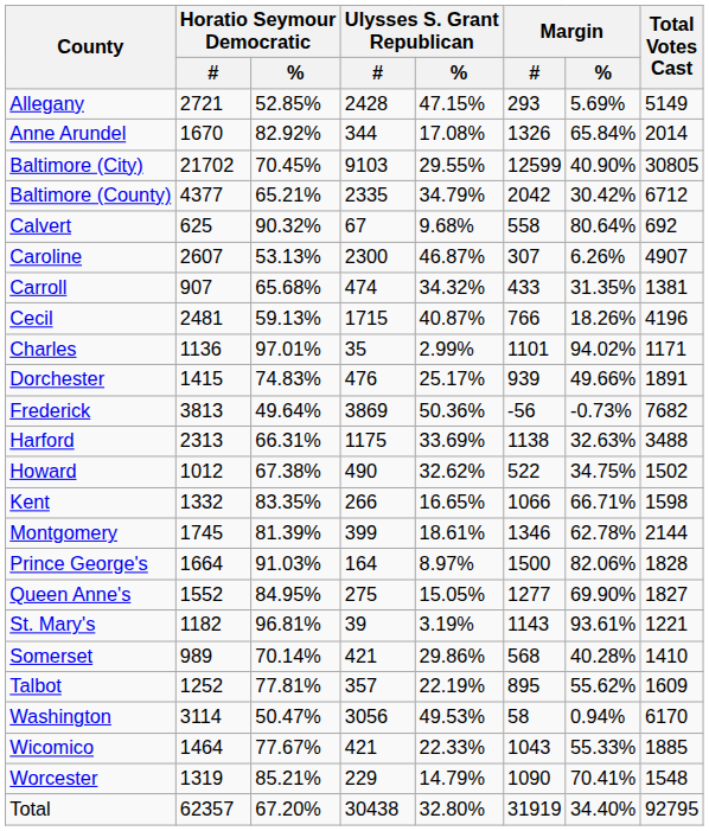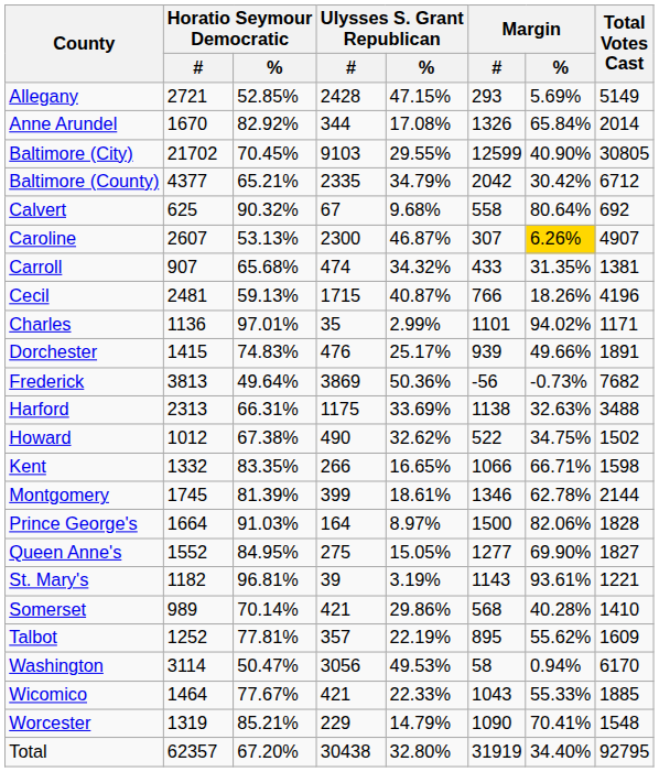 <table class="wikitable sortable">
 <tr>
 <th rowspan="2">County</th>
 <th colspan="2" >Horatio Seymour<br>Democratic</th>
 <th colspan="2" >Ulysses S. Grant<br>Republican</th>
 <th colspan="2">Margin</th>
 <th rowspan="2">Total<br>Votes<br>Cast </th>
 </tr>
 <tr>
 <th>#</th>
 <th>%</th>
 <th>#</th>
 <th>%</th>
 <th>#</th>
 <th>%</th>
 </tr>
 <tr>
 <td><a href='#'>Allegany</a></td>
 <td>2721</td>
 <td>52.85%</td>
 <td>2428</td>
 <td>47.15%</td>
 <td>293</td>
 <td>5.69%</td>
 <td>5149</td>
 </tr>
 <tr>
 <td><a href='#'>Anne Arundel</a></td>
 <td>1670</td>
 <td>82.92%</td>
 <td>344</td>
 <td>17.08%</td>
 <td>1326</td>
 <td>65.84%</td>
 <td>2014</td>
 </tr>
 <tr>
 <td><a href='#'>Baltimore (City)</a></td>
 <td>21702</td>
 <td>70.45%</td>
 <td>9103</td>
 <td>29.55%</td>
 <td>12599</td>
 <td>40.90%</td>
 <td>30805</td>
 </tr>
 <tr>
 <td><a href='#'>Baltimore (County)</a></td>
 <td>4377</td>
 <td>65.21%</td>
 <td>2335</td>
 <td>34.79%</td>
 <td>2042</td>
 <td>30.42%</td>
 <td>6712</td>
 </tr>
 <tr>
 <td><a href='#'>Calvert</a></td>
 <td>625</td>
 <td>90.32%</td>
 <td>67</td>
 <td>9.68%</td>
 <td>558</td>
 <td>80.64%</td>
 <td>692</td>
 </tr>
 <tr>
 <td><a href='#'>Caroline</a></td>
 <td>2607</td>
 <td>53.13%</td>
 <td>2300</td>
 <td>46.87%</td>
 <td>307</td>
-<td>6.26%</td>
+<td style="background: gold;">6.26%</td>
 <td>4907</td>
 </tr>
 <tr>
 <td><a href='#'>Carroll</a></td>
 <td>907</td>
 <td>65.68%</td>
 <td>474</td>
 <td>34.32%</td>
 <td>433</td>
 <td>31.35%</td>
 <td>1381</td>
 </tr>
 <tr>
 <td><a href='#'>Cecil</a></td>
 <td>2481</td>
 <td>59.13%</td>
 <td>1715</td>
 <td>40.87%</td>
 <td>766</td>
 <td>18.26%</td>
 <td>4196</td>
 </tr>
 <tr>
 <td><a href='#'>Charles</a></td>
 <td>1136</td>
 <td>97.01%</td>
 <td>35</td>
 <td>2.99%</td>
 <td>1101</td>
 <td>94.02%</td>
 <td>1171</td>
 </tr>
 <tr>
 <td><a href='#'>Dorchester</a></td>
 <td>1415</td>
 <td>74.83%</td>
 <td>476</td>
 <td>25.17%</td>
 <td>939</td>
 <td>49.66%</td>
 <td>1891</td>
 </tr>
 <tr>
 <td><a href='#'>Frederick</a></td>
 <td>3813</td>
 <td>49.64%</td>
 <td>3869</td>
 <td>50.36%</td>
 <td>-56</td>
 <td>-0.73%</td>
 <td>7682</td>
 </tr>
 <tr>
 <td><a href='#'>Harford</a></td>
 <td>2313</td>
 <td>66.31%</td>
 <td>1175</td>
 <td>33.69%</td>
 <td>1138</td>
 <td>32.63%</td>
 <td>3488</td>
 </tr>
 <tr>
 <td><a href='#'>Howard</a></td>
 <td>1012</td>
 <td>67.38%</td>
 <td>490</td>
 <td>32.62%</td>
 <td>522</td>
 <td>34.75%</td>
 <td>1502</td>
 </tr>
 <tr>
 <td><a href='#'>Kent</a></td>
 <td>1332</td>
 <td>83.35%</td>
 <td>266</td>
 <td>16.65%</td>
 <td>1066</td>
 <td>66.71%</td>
 <td>1598</td>
 </tr>
 <tr>
 <td><a href='#'>Montgomery</a></td>
 <td>1745</td>
 <td>81.39%</td>
 <td>399</td>
 <td>18.61%</td>
 <td>1346</td>
 <td>62.78%</td>
 <td>2144</td>
 </tr>
 <tr>
 <td><a href='#'>Prince George's</a></td>
 <td>1664</td>
 <td>91.03%</td>
 <td>164</td>
 <td>8.97%</td>
 <td>1500</td>
 <td>82.06%</td>
 <td>1828</td>
 </tr>
 <tr>
 <td><a href='#'>Queen Anne's</a></td>
 <td>1552</td>
 <td>84.95%</td>
 <td>275</td>
 <td>15.05%</td>
 <td>1277</td>
 <td>69.90%</td>
 <td>1827</td>
 </tr>
 <tr>
 <td><a href='#'>St. Mary's</a></td>
 <td>1182</td>
 <td>96.81%</td>
 <td>39</td>
 <td>3.19%</td>
 <td>1143</td>
 <td>93.61%</td>
 <td>1221</td>
 </tr>
 <tr>
 <td><a href='#'>Somerset</a></td>
 <td>989</td>
 <td>70.14%</td>
 <td>421</td>
 <td>29.86%</td>
 <td>568</td>
 <td>40.28%</td>
 <td>1410</td>
 </tr>
 <tr>
 <td><a href='#'>Talbot</a></td>
 <td>1252</td>
 <td>77.81%</td>
 <td>357</td>
 <td>22.19%</td>
 <td>895</td>
 <td>55.62%</td>
 <td>1609</td>
 </tr>
 <tr>
 <td><a href='#'>Washington</a></td>
 <td>3114</td>
 <td>50.47%</td>
 <td>3056</td>
 <td>49.53%</td>
 <td>58</td>
 <td>0.94%</td>
 <td>6170</td>
 </tr>
 <tr>
 <td><a href='#'>Wicomico</a></td>
 <td>1464</td>
 <td>77.67%</td>
 <td>421</td>
 <td>22.33%</td>
 <td>1043</td>
 <td>55.33%</td>
 <td>1885</td>
 </tr>
 <tr>
 <td><a href='#'>Worcester</a></td>
 <td>1319</td>
 <td>85.21%</td>
 <td>229</td>
 <td>14.79%</td>
 <td>1090</td>
 <td>70.41%</td>
 <td>1548</td>
 </tr>
 <tr>
 <td>Total</td>
 <td>62357</td>
 <td>67.20%</td>
 <td>30438</td>
 <td>32.80%</td>
 <td>31919</td>
 <td>34.40%</td>
 <td>92795</td>
 </tr>
 </table>
